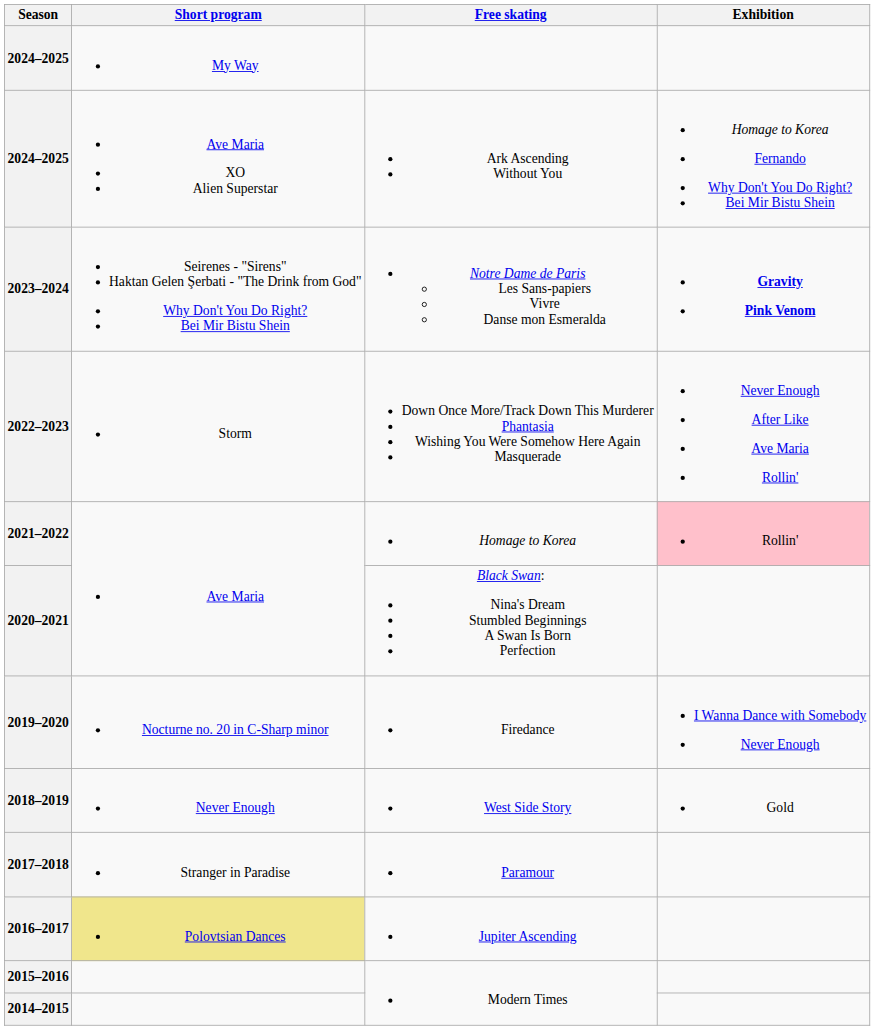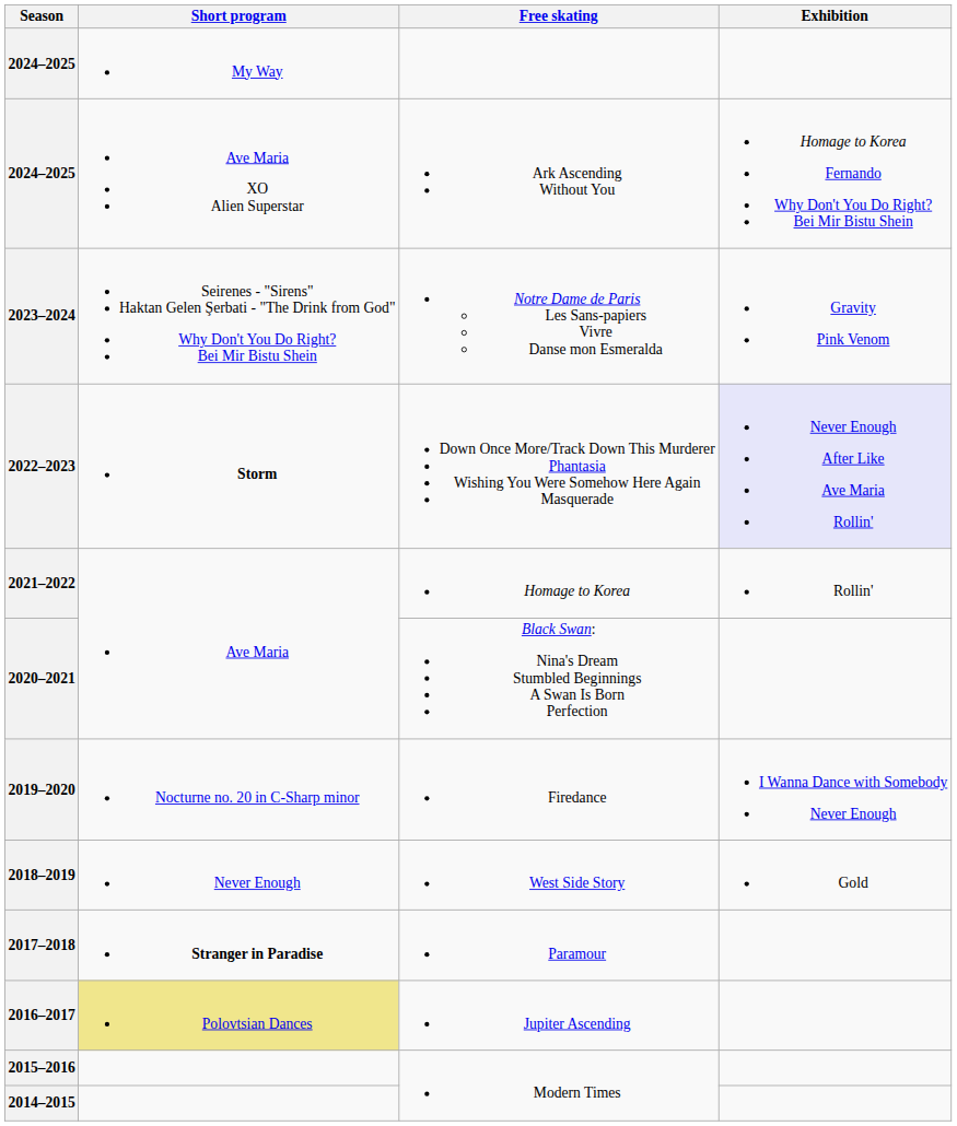 <table class="wikitable" style="text-align:center">
 <tr>
 <th>Season</th>
 <th><a href='#'>Short program</a></th>
 <th><a href='#'>Free skating</a></th>
 <th>Exhibition</th>
 </tr>
 <tr>
 <th>2024–2025 <br> </th>
 <td><br><ul><li><a href='#'>My Way</a> <br> </li></ul></td>
 <td></td>
 <td></td>
 </tr>
 <tr>
 <th>2024–2025 <br> </th>
 <td><br><ul><li><a href='#'>Ave Maria</a> <br> </li></ul><ul><li>XO</li><li>Alien Superstar<br> </li></ul></td>
 <td><br><ul><li>Ark Ascending</li><li>Without You <br> </li></ul></td>
 <td><br><ul><li><em>Homage to Korea</em> <br> </li></ul><ul><li><a href='#'>Fernando</a> <br> </li></ul><ul><li><a href='#'>Why Don't You Do Right?</a><br></li><li><a href='#'>Bei Mir Bistu Shein</a><br></li></ul></td>
 </tr>
 <tr>
 <th>2023–2024 <br> </th>
 <td><br><ul><li>Seirenes - "Sirens" <br></li><li>Haktan Gelen Şerbati - "The Drink from God" <br></li></ul><ul><li><a href='#'>Why Don't You Do Right?</a><br></li><li><a href='#'>Bei Mir Bistu Shein</a><br></li></ul></td>
 <td><br><ul><li><em><a href='#'>Notre Dame de Paris</a></em><ul><li>Les Sans-papiers</li><li>Vivre <br> </li><li>Danse mon Esmeralda<br> </li></ul></li></ul></td>
-<td><strong><br><ul><li><a href='#'>Gravity</a> <br> </li></ul><ul><li><a href='#'>Pink Venom</a> <br> </li></ul></strong></td>
+<td><br><ul><li><a href='#'>Gravity</a> <br> </li></ul><ul><li><a href='#'>Pink Venom</a> <br> </li></ul></td>
 </tr>
 <tr>
 <th>2022–2023 <br> </th>
-<td><br><ul><li>Storm <br> </li></ul></td>
+<td><strong><br><ul><li>Storm <br> </li></ul></strong></td>
 <td><br><ul><li>Down Once More/Track Down This Murderer</li><li><a href='#'>Phantasia</a></li><li>Wishing You Were Somehow Here Again <br> </li><li>Masquerade <br> </li></ul></td>
-<td><br><ul><li><a href='#'>Never Enough</a> <br> </li></ul><ul><li><a href='#'>After Like</a> <br> </li></ul><ul><li><a href='#'>Ave Maria</a> <br> </li></ul><ul><li><a href='#'>Rollin'</a> <br></li></ul></td>
+<td style="background: lavender;"><br><ul><li><a href='#'>Never Enough</a> <br> </li></ul><ul><li><a href='#'>After Like</a> <br> </li></ul><ul><li><a href='#'>Ave Maria</a> <br> </li></ul><ul><li><a href='#'>Rollin'</a> <br></li></ul></td>
 </tr>
 <tr>
 <th>2021–2022 <br> </th>
 <td rowspan=2><br><ul><li><a href='#'>Ave Maria</a> <br> </li></ul></td>
 <td><br><ul><li><em>Homage to Korea</em> <br> </li></ul></td>
-<td style="background: pink;"><br><ul><li>Rollin' <br></li></ul></td>
+<td><br><ul><li>Rollin' <br></li></ul></td>
 </tr>
 <tr>
 <th>2020–2021 <br></th>
 <td><em><a href='#'>Black Swan</a></em>:<br><ul><li>Nina's Dream</li><li>Stumbled Beginnings</li><li>A Swan Is Born</li><li>Perfection <br> </li></ul></td>
 <td></td>
 </tr>
 <tr>
 <th>2019–2020 <br></th>
 <td><br><ul><li><a href='#'>Nocturne no. 20 in C-Sharp minor</a> <br> </li></ul></td>
 <td><br><ul><li>Firedance <br> </li></ul></td>
 <td><br><ul><li><a href='#'>I Wanna Dance with Somebody</a> <br></li></ul><ul><li><a href='#'>Never Enough</a> <br> </li></ul></td>
 </tr>
 <tr>
 <th>2018–2019 <br></th>
 <td><br><ul><li><a href='#'>Never Enough</a> <br> </li></ul></td>
 <td><br><ul><li><a href='#'>West Side Story</a> <br></li></ul></td>
 <td><br><ul><li>Gold<br></li></ul></td>
 </tr>
 <tr>
 <th>2017–2018 <br></th>
-<td><br><ul><li>Stranger in Paradise<br></li></ul></td>
+<td><strong><br><ul><li>Stranger in Paradise<br></li></ul></strong></td>
 <td><br><ul><li><a href='#'>Paramour</a> <br></li></ul></td>
 <td></td>
 </tr>
 <tr>
 <th>2016–2017</th>
 <td style="background: khaki;"><br><ul><li><a href='#'>Polovtsian Dances</a> <br> </li></ul></td>
 <td><br><ul><li><a href='#'>Jupiter Ascending</a> <br></li></ul></td>
 <td></td>
 </tr>
 <tr>
 <th>2015–2016</th>
 <td></td>
 <td rowspan="2"><br><ul><li>Modern Times<br></li></ul></td>
 <td></td>
 </tr>
 <tr>
 <th>2014–2015</th>
 <td></td>
 <td></td>
 </tr>
 </table>
